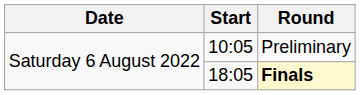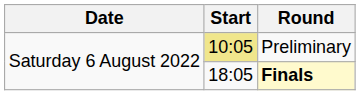 <table class=wikitable>
 <tr>
 <th>Date</th>
 <th>Start</th>
 <th>Round</th>
 </tr>
 <tr>
 <td rowspan=2>Saturday 6 August 2022</td>
-<td>10:05</td>
+<td style="background: khaki;">10:05</td>
 <td>Preliminary</td>
 </tr>
 <tr>
 <td>18:05</td>
 <td style=background:lemonchiffon><strong>Finals</strong></td>
 </tr>
 </table>
